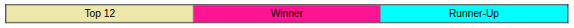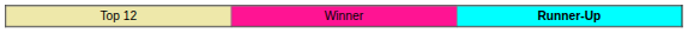 <table border="2" cellpadding="4" border="1px solid gray" style="margin:1em auto; background:gray; border-collapse:collapse; text-align:center">
 <tr>
 </tr>
 <tr>
 <td style="background:palegoldenrod; width:10%;">Top 12</td>
 <td style="background:deeppink; width:10%;">Winner</td>
-<td style="background:Cyan; width:10%;">Runner-Up</td>
+<td style="background:Cyan; width:10%;"><strong>Runner-Up</strong></td>
 </tr>
 </table>
